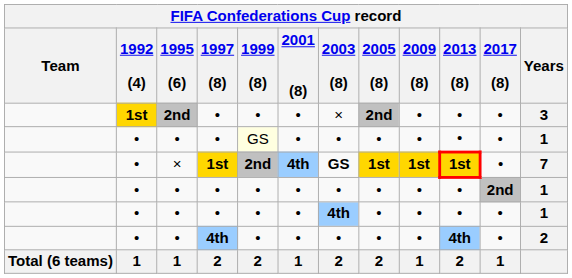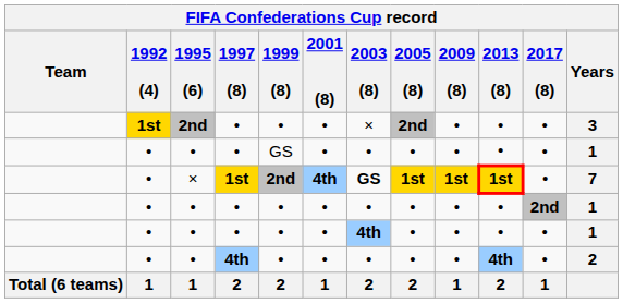 <table class="wikitable" style="text-align: center">
 <tr>
 <th colspan=12><a href='#'>FIFA Confederations Cup</a> record</th>
 </tr>
 <tr>
 <th>Team</th>
 <th><a href='#'>1992</a><br><br>(4)</th>
 <th><a href='#'>1995</a><br><br>(6)</th>
 <th><a href='#'>1997</a><br><br>(8)</th>
 <th><a href='#'>1999</a><br><br>(8)</th>
 <th><a href='#'>2001</a><br><br><br>(8)</th>
 <th><a href='#'>2003</a><br><br>(8)</th>
 <th><a href='#'>2005</a><br><br>(8)</th>
 <th><a href='#'>2009</a><br><br>(8)</th>
 <th><a href='#'>2013</a><br><br>(8)</th>
 <th><a href='#'>2017</a><br><br>(8)</th>
 <th>Years</th>
 </tr>
 <tr>
 <td align=left></td>
 <td bgcolor=Gold><strong>1st</strong></td>
 <td bgcolor=Silver><strong>2nd</strong></td>
 <td>•</td>
 <td>•</td>
 <td>•</td>
 <td>×</td>
 <td bgcolor=Silver><strong>2nd</strong></td>
 <td>•</td>
 <td>•</td>
 <td>•</td>
 <th>3</th>
 </tr>
 <tr>
 <td align=left></td>
 <td>•</td>
 <td>•</td>
 <td>•</td>
-<td style="background: lightyellow;">GS</td>
+<td>GS</td>
 <td>•</td>
 <td>•</td>
 <td>•</td>
 <td>•</td>
 <td>•</td>
 <td>•</td>
 <th>1</th>
 </tr>
 <tr>
 <td align=left></td>
 <td>•</td>
 <td>×</td>
 <td bgcolor=Gold><strong>1st</strong></td>
 <td bgcolor=Silver><strong>2nd</strong></td>
 <td bgcolor=9acdff><strong>4th</strong></td>
 <td><strong>GS</strong></td>
 <td bgcolor=Gold><strong>1st</strong></td>
 <td bgcolor=Gold><strong>1st</strong></td>
 <td style="border: 3px solid red" bgcolor=Gold><strong>1st</strong></td>
 <td>•</td>
 <th>7</th>
 </tr>
 <tr>
 <td align=left></td>
 <td>•</td>
 <td>•</td>
 <td>•</td>
 <td>•</td>
 <td>•</td>
 <td>•</td>
 <td>•</td>
 <td>•</td>
 <td>•</td>
 <td bgcolor=Silver><strong>2nd</strong></td>
 <th>1</th>
 </tr>
 <tr>
 <td align=left></td>
 <td>•</td>
 <td>•</td>
 <td>•</td>
 <td>•</td>
 <td>•</td>
 <td bgcolor=9acdff><strong>4th</strong></td>
 <td>•</td>
 <td>•</td>
 <td>•</td>
 <td>•</td>
 <th>1</th>
 </tr>
 <tr>
 <td align=left></td>
 <td>•</td>
 <td>•</td>
 <td bgcolor=9acdff><strong>4th</strong></td>
 <td>•</td>
 <td>•</td>
 <td>•</td>
 <td>•</td>
 <td>•</td>
 <td bgcolor=9acdff><strong>4th</strong></td>
 <td>•</td>
 <th>2</th>
 </tr>
 <tr>
 <th>Total (6 teams)</th>
 <th>1</th>
 <th>1</th>
 <th>2</th>
 <th>2</th>
 <th>1</th>
 <th>2</th>
 <th>2</th>
 <th>1</th>
 <th>2</th>
 <th>1</th>
 <th></th>
 </tr>
 </table>
